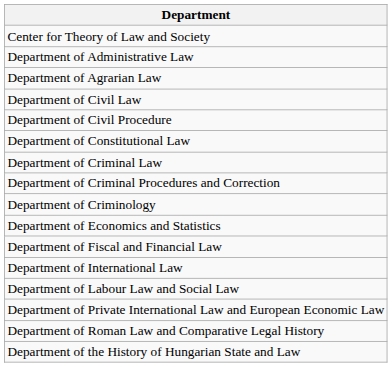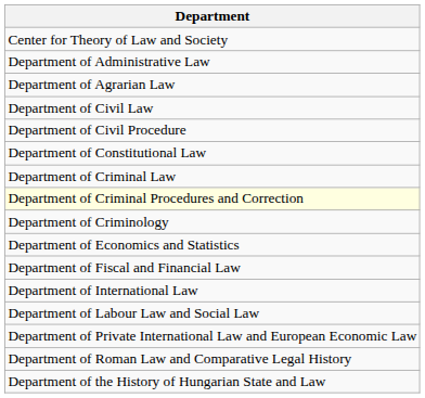 <table class="wikitable">
 <tr>
 <th>Department</th>
 </tr>
 <tr>
 <td>Center for Theory of Law and Society</td>
 </tr>
 <tr>
 <td>Department of Administrative Law</td>
 </tr>
 <tr>
 <td>Department of Agrarian Law</td>
 </tr>
 <tr>
 <td>Department of Civil Law</td>
 </tr>
 <tr>
 <td>Department of Civil Procedure</td>
 </tr>
 <tr>
 <td>Department of Constitutional Law</td>
 </tr>
 <tr>
 <td>Department of Criminal Law</td>
 </tr>
 <tr>
-<td>Department of Criminal Procedures and Correction</td>
+<td style="background: lightyellow;">Department of Criminal Procedures and Correction</td>
 </tr>
 <tr>
 <td>Department of Criminology</td>
 </tr>
 <tr>
 <td>Department of Economics and Statistics</td>
 </tr>
 <tr>
 <td>Department of Fiscal and Financial Law</td>
 </tr>
 <tr>
 <td>Department of International Law</td>
 </tr>
 <tr>
 <td>Department of Labour Law and Social Law</td>
 </tr>
 <tr>
 <td>Department of Private International Law and European Economic Law</td>
 </tr>
 <tr>
 <td>Department of Roman Law and Comparative Legal History</td>
 </tr>
 <tr>
 <td>Department of the History of Hungarian State and Law</td>
 </tr>
 </table>
